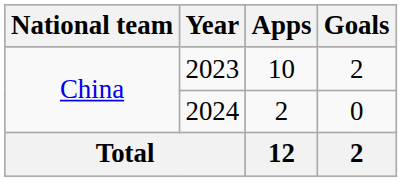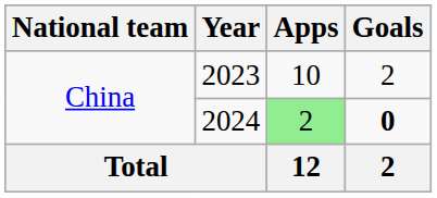 <table class="wikitable" style="text-align:center">
 <tr>
 <th>National team</th>
 <th>Year</th>
 <th>Apps</th>
 <th>Goals</th>
 </tr>
 <tr>
 <td rowspan="2"><a href='#'>China</a></td>
 <td>2023</td>
 <td>10</td>
 <td>2</td>
 </tr>
 <tr>
 <td>2024</td>
-<td>2</td>
-<td>0</td>
+<td style="background: lightgreen;">2</td>
+<td><strong>0</strong></td>
 </tr>
 <tr>
 <th colspan="2">Total</th>
 <th>12</th>
 <th>2</th>
 </tr>
 </table>
